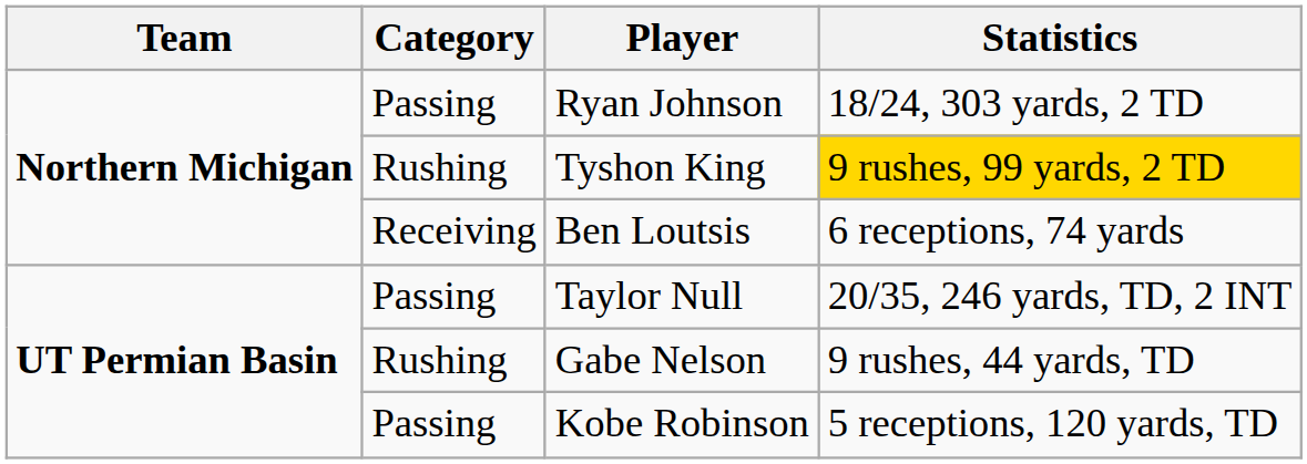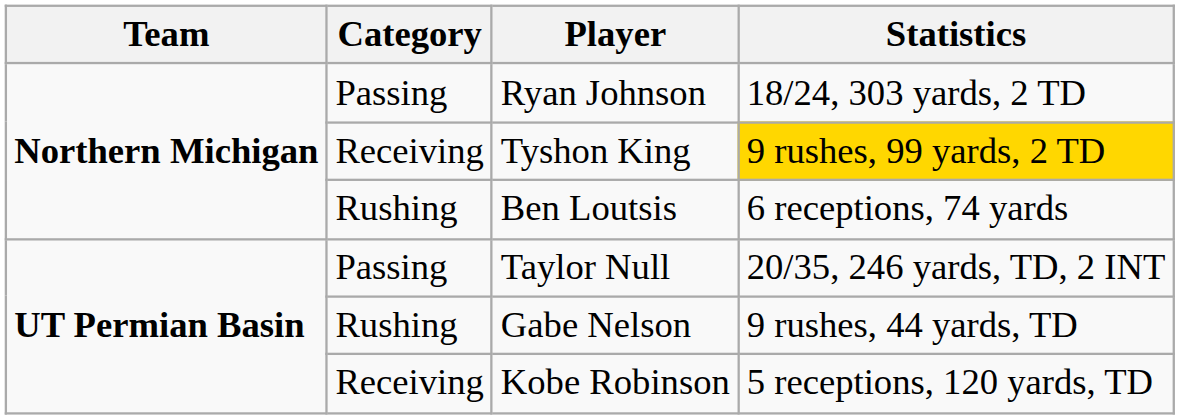 <table class="wikitable" style="float: right;">
 <tr>
 <th>Team</th>
 <th>Category</th>
 <th>Player</th>
 <th>Statistics</th>
 </tr>
 <tr>
 <td rowspan=3><strong>Northern Michigan</strong></td>
 <td>Passing</td>
 <td>Ryan Johnson</td>
 <td>18/24, 303 yards, 2 TD</td>
 </tr>
 <tr>
-<td>Rushing</td>
+<td>Receiving</td>
 <td>Tyshon King</td>
 <td style="background: gold;">9 rushes, 99 yards, 2 TD</td>
 </tr>
 <tr>
-<td>Receiving</td>
+<td>Rushing</td>
 <td>Ben Loutsis</td>
 <td>6 receptions, 74 yards</td>
 </tr>
 <tr>
 <td rowspan=3><strong>UT Permian Basin</strong></td>
 <td>Passing</td>
 <td>Taylor Null</td>
 <td>20/35, 246 yards, TD, 2 INT</td>
 </tr>
 <tr>
 <td>Rushing</td>
 <td>Gabe Nelson</td>
 <td>9 rushes, 44 yards, TD</td>
 </tr>
 <tr>
-<td>Passing</td>
+<td>Receiving</td>
 <td>Kobe Robinson</td>
 <td>5 receptions, 120 yards, TD</td>
 </tr>
 </table>
